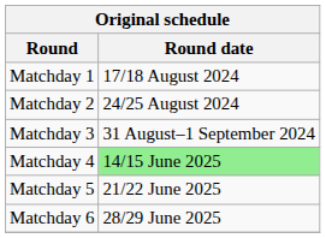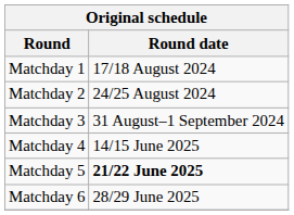 <table class="wikitable collapsible collapsed">
 <tr>
 <th colspan=2>Original schedule</th>
 </tr>
 <tr>
 <th>Round</th>
 <th>Round date</th>
 </tr>
 <tr>
 <td>Matchday 1</td>
 <td>17/18 August 2024</td>
 </tr>
 <tr>
 <td>Matchday 2</td>
 <td>24/25 August 2024</td>
 </tr>
 <tr>
 <td>Matchday 3</td>
 <td>31 August–1 September 2024</td>
 </tr>
 <tr>
 <td>Matchday 4</td>
-<td style="background: lightgreen;">14/15 June 2025</td>
+<td>14/15 June 2025</td>
 </tr>
 <tr>
 <td>Matchday 5</td>
-<td>21/22 June 2025</td>
+<td><strong>21/22 June 2025</strong></td>
 </tr>
 <tr>
 <td>Matchday 6</td>
 <td>28/29 June 2025</td>
 </tr>
 <tr>
 </tr>
 </table>
